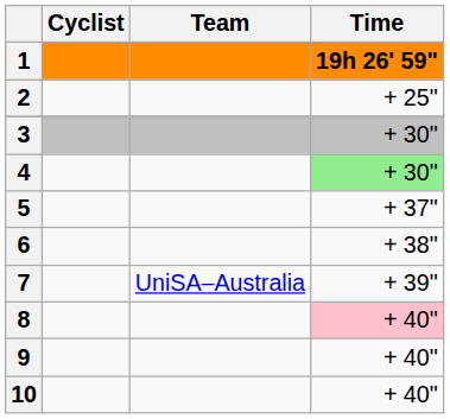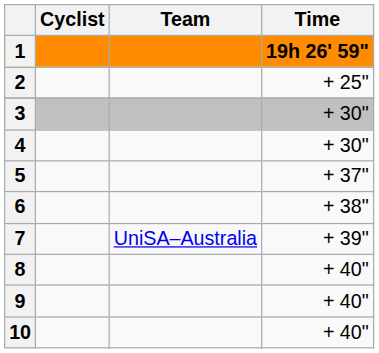 <table class="wikitable">
 <tr>
 <th></th>
 <th>Cyclist</th>
 <th>Team</th>
 <th>Time</th>
 </tr>
 <tr bgcolor="#FF8C00">
 <th>1</th>
 <td><strong></strong></td>
 <td><strong></strong></td>
 <td align=right><strong>19h 26' 59"</strong></td>
 </tr>
 <tr>
 <th>2</th>
 <td></td>
 <td></td>
 <td align="right">+ 25"</td>
 </tr>
 <tr>
 </tr>
 <tr style="background:silver">
 <th>3</th>
 <td></td>
 <td></td>
 <td align="right">+ 30"</td>
 </tr>
 <tr>
 <th>4</th>
 <td></td>
 <td></td>
-<td align="right" style="background: lightgreen;">+ 30"</td>
+<td align="right">+ 30"</td>
 </tr>
 <tr>
 <th>5</th>
 <td></td>
 <td></td>
 <td align="right">+ 37"</td>
 </tr>
 <tr>
 <th>6</th>
 <td></td>
 <td></td>
 <td align="right">+ 38"</td>
 </tr>
 <tr>
 <th>7</th>
 <td></td>
 <td><a href='#'>UniSA–Australia</a></td>
 <td align="right">+ 39"</td>
 </tr>
 <tr>
 <th>8</th>
 <td></td>
 <td></td>
-<td align="right" style="background: pink;">+ 40"</td>
+<td align="right">+ 40"</td>
 </tr>
 <tr>
 <th>9</th>
 <td></td>
 <td></td>
 <td align="right">+ 40"</td>
 </tr>
 <tr>
 <th>10</th>
 <td></td>
 <td></td>
 <td align="right">+ 40"</td>
 </tr>
 </table>
